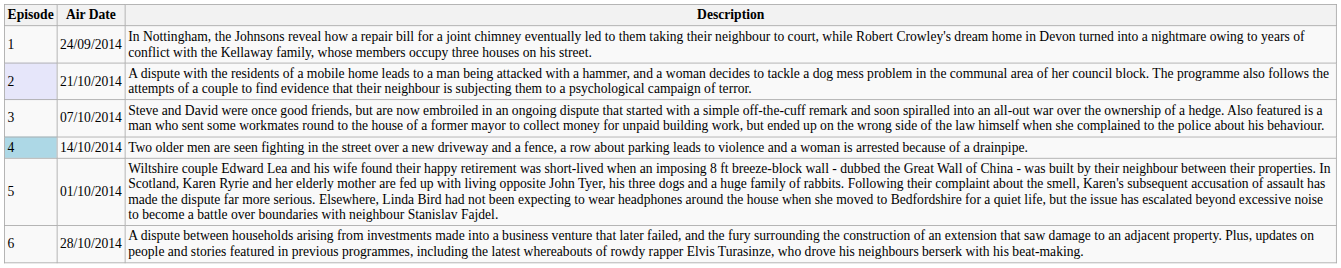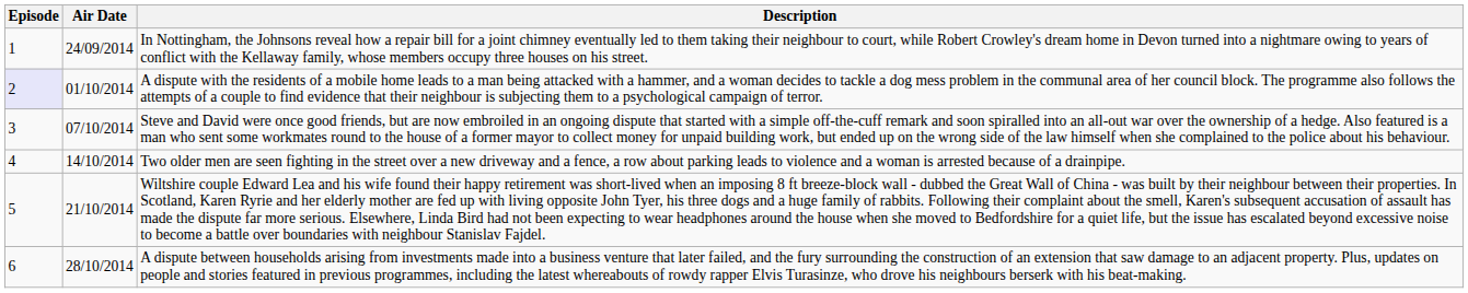 <table class="wikitable">
 <tr>
 <th>Episode</th>
 <th>Air Date</th>
 <th>Description</th>
 </tr>
 <tr>
 <td>1</td>
 <td>24/09/2014</td>
 <td>In Nottingham, the Johnsons reveal how a repair bill for a joint chimney eventually led to them taking their neighbour to court, while Robert Crowley's dream home in Devon turned into a nightmare owing to years of conflict with the Kellaway family, whose members occupy three houses on his street.</td>
 </tr>
 <tr>
 <td style="background: lavender;">2</td>
-<td>21/10/2014</td>
+<td>01/10/2014</td>
 <td>A dispute with the residents of a mobile home leads to a man being attacked with a hammer, and a woman decides to tackle a dog mess problem in the communal area of her council block. The programme also follows the attempts of a couple to find evidence that their neighbour is subjecting them to a psychological campaign of terror.</td>
 </tr>
 <tr>
 <td>3</td>
 <td>07/10/2014</td>
 <td>Steve and David were once good friends, but are now embroiled in an ongoing dispute that started with a simple off-the-cuff remark and soon spiralled into an all-out war over the ownership of a hedge. Also featured is a man who sent some workmates round to the house of a former mayor to collect money for unpaid building work, but ended up on the wrong side of the law himself when she complained to the police about his behaviour.</td>
 </tr>
 <tr>
-<td style="background: lightblue;">4</td>
+<td>4</td>
 <td>14/10/2014</td>
 <td>Two older men are seen fighting in the street over a new driveway and a fence, a row about parking leads to violence and a woman is arrested because of a drainpipe.</td>
 </tr>
 <tr>
 <td>5</td>
-<td>01/10/2014</td>
+<td>21/10/2014</td>
 <td>Wiltshire couple Edward Lea and his wife found their happy retirement was short-lived when an imposing 8 ft breeze-block wall - dubbed the Great Wall of China - was built by their neighbour between their properties. In Scotland, Karen Ryrie and her elderly mother are fed up with living opposite John Tyer, his three dogs and a huge family of rabbits. Following their complaint about the smell, Karen's subsequent accusation of assault has made the dispute far more serious. Elsewhere, Linda Bird had not been expecting to wear headphones around the house when she moved to Bedfordshire for a quiet life, but the issue has escalated beyond excessive noise to become a battle over boundaries with neighbour Stanislav Fajdel.</td>
 </tr>
 <tr>
 <td>6</td>
 <td>28/10/2014</td>
 <td>A dispute between households arising from investments made into a business venture that later failed, and the fury surrounding the construction of an extension that saw damage to an adjacent property. Plus, updates on people and stories featured in previous programmes, including the latest whereabouts of rowdy rapper Elvis Turasinze, who drove his neighbours berserk with his beat-making.</td>
 </tr>
 </table>
